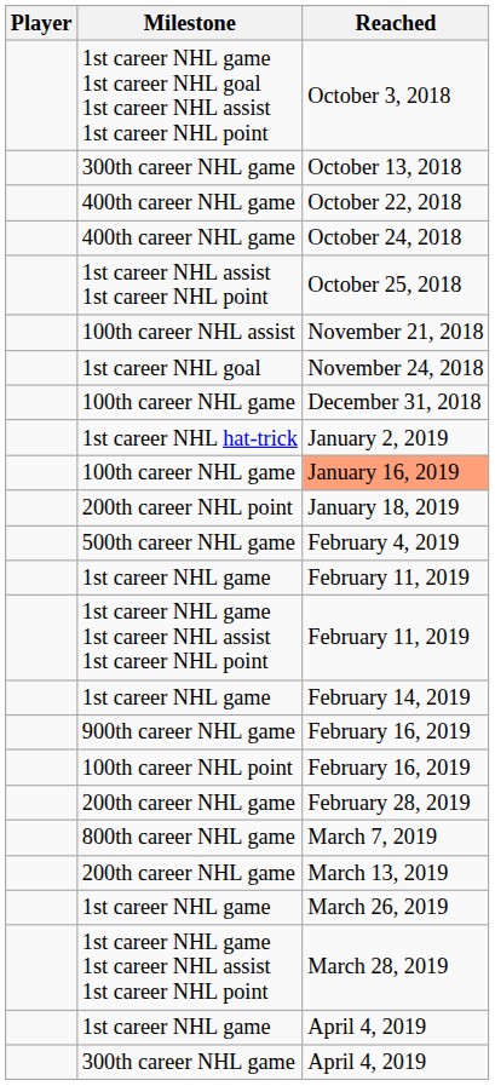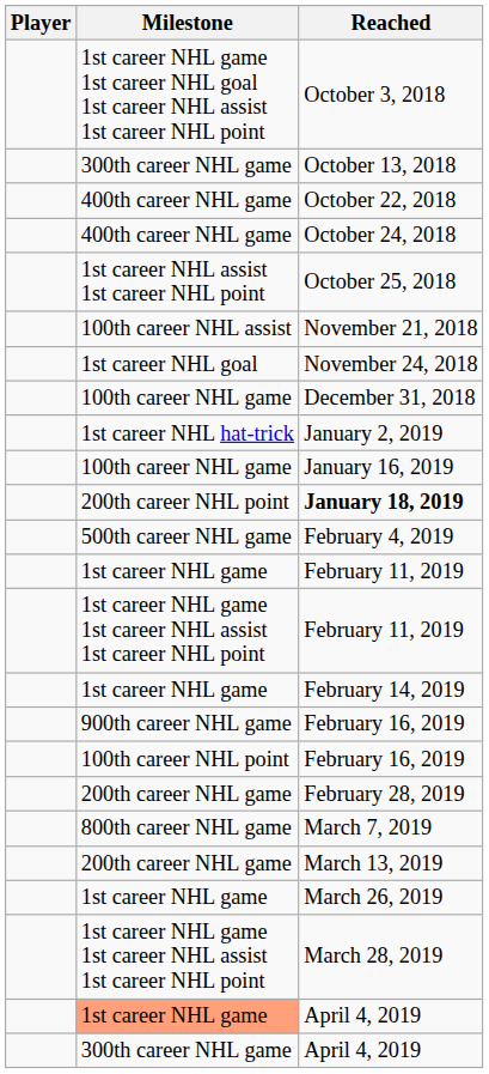 <table class="wikitable sortable">
 <tr>
 <th>Player</th>
 <th>Milestone</th>
 <th data-sort-type="date">Reached</th>
 </tr>
 <tr>
 <td></td>
 <td>1st career NHL game<br>1st career NHL goal<br>1st career NHL assist<br>1st career NHL point</td>
 <td>October 3, 2018</td>
 </tr>
 <tr>
 <td></td>
 <td>300th career NHL game</td>
 <td>October 13, 2018</td>
 </tr>
 <tr>
 <td></td>
 <td>400th career NHL game</td>
 <td>October 22, 2018</td>
 </tr>
 <tr>
 <td></td>
 <td>400th career NHL game</td>
 <td>October 24, 2018</td>
 </tr>
 <tr>
 <td></td>
 <td>1st career NHL assist<br>1st career NHL point</td>
 <td>October 25, 2018</td>
 </tr>
 <tr>
 <td></td>
 <td>100th career NHL assist</td>
 <td>November 21, 2018</td>
 </tr>
 <tr>
 <td></td>
 <td>1st career NHL goal</td>
 <td>November 24, 2018</td>
 </tr>
 <tr>
 <td></td>
 <td>100th career NHL game</td>
 <td>December 31, 2018</td>
 </tr>
 <tr>
 <td></td>
 <td>1st career NHL <a href='#'>hat-trick</a></td>
 <td>January 2, 2019</td>
 </tr>
 <tr>
 <td></td>
 <td>100th career NHL game</td>
-<td style="background: lightsalmon;">January 16, 2019</td>
+<td>January 16, 2019</td>
 </tr>
 <tr>
 <td></td>
 <td>200th career NHL point</td>
-<td>January 18, 2019</td>
+<td><strong>January 18, 2019</strong></td>
 </tr>
 <tr>
 <td></td>
 <td>500th career NHL game</td>
 <td>February 4, 2019</td>
 </tr>
 <tr>
 <td></td>
 <td>1st career NHL game</td>
 <td>February 11, 2019</td>
 </tr>
 <tr>
 <td></td>
 <td>1st career NHL game<br>1st career NHL assist<br>1st career NHL point</td>
 <td>February 11, 2019</td>
 </tr>
 <tr>
 <td></td>
 <td>1st career NHL game</td>
 <td>February 14, 2019</td>
 </tr>
 <tr>
 <td></td>
 <td>900th career NHL game</td>
 <td>February 16, 2019</td>
 </tr>
 <tr>
 <td></td>
 <td>100th career NHL point</td>
 <td>February 16, 2019</td>
 </tr>
 <tr>
 <td></td>
 <td>200th career NHL game</td>
 <td>February 28, 2019</td>
 </tr>
 <tr>
 <td></td>
 <td>800th career NHL game</td>
 <td>March 7, 2019</td>
 </tr>
 <tr>
 <td></td>
 <td>200th career NHL game</td>
 <td>March 13, 2019</td>
 </tr>
 <tr>
 <td></td>
 <td>1st career NHL game</td>
 <td>March 26, 2019</td>
 </tr>
 <tr>
 <td></td>
 <td>1st career NHL game<br>1st career NHL assist<br>1st career NHL point</td>
 <td>March 28, 2019</td>
 </tr>
 <tr>
 <td></td>
-<td>1st career NHL game</td>
+<td style="background: lightsalmon;">1st career NHL game</td>
 <td>April 4, 2019</td>
 </tr>
 <tr>
 <td></td>
 <td>300th career NHL game</td>
 <td>April 4, 2019</td>
 </tr>
 </table>
